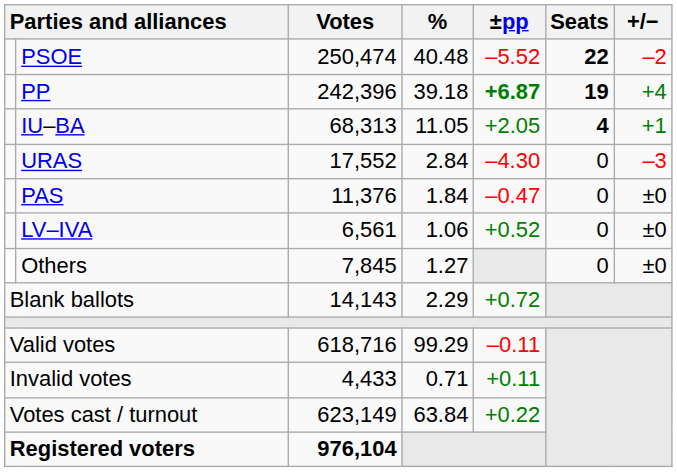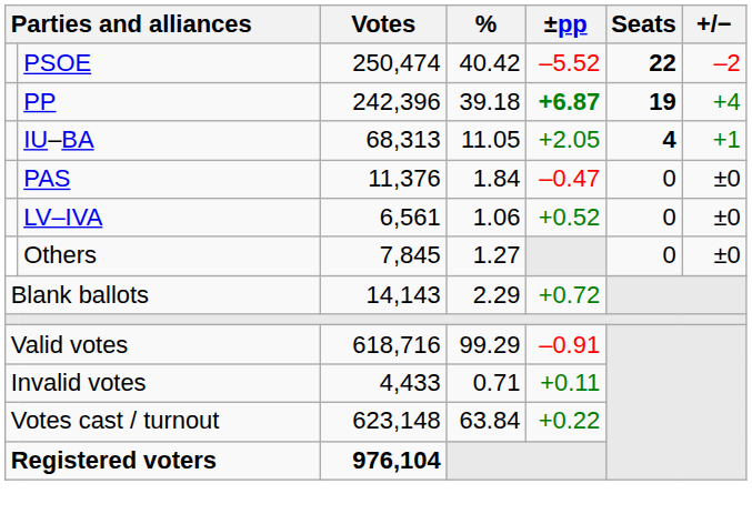 <table class="wikitable" style="text-align:right;">
 <tr>
 <th style="text-align:left;" colspan="2" width="200">Parties and alliances</th>
 <th width="75">Votes</th>
 <th width="45">%</th>
 <th width="45">±<a href='#'>pp</a></th>
 <th width="35">Seats</th>
 <th width="35">+/−</th>
 </tr>
 <tr>
 <td width="1" style="color:inherit;background:"></td>
 <td align="left"><a href='#'>PSOE</a></td>
 <td>250,474</td>
-<td>40.48</td>
+<td>40.42</td>
 <td style="color:red;">–5.52</td>
 <td><strong>22</strong></td>
 <td style="color:red;">–2</td>
 </tr>
 <tr>
 <td style="color:inherit;background:"></td>
 <td align="left"><a href='#'>PP</a></td>
 <td>242,396</td>
 <td>39.18</td>
 <td style="color:green;"><strong>+6.87</strong></td>
 <td><strong>19</strong></td>
 <td style="color:green;">+4</td>
 </tr>
 <tr>
 <td style="color:inherit;background:"></td>
 <td align="left"><a href='#'>IU</a>–<a href='#'>BA</a></td>
 <td>68,313</td>
 <td>11.05</td>
 <td style="color:green;">+2.05</td>
 <td><strong>4</strong></td>
 <td style="color:green;">+1</td>
-</tr>
-<tr>
-<td style="color:inherit;background:"></td>
-<td align="left"><a href='#'>URAS</a></td>
-<td>17,552</td>
-<td>2.84</td>
-<td style="color:red;">–4.30</td>
-<td>0</td>
-<td style="color:red;">–3</td>
 </tr>
 <tr>
 <td style="color:inherit;background:"></td>
 <td align="left"><a href='#'>PAS</a></td>
 <td>11,376</td>
 <td>1.84</td>
 <td style="color:red;">–0.47</td>
 <td>0</td>
 <td>±0</td>
 </tr>
 <tr>
 <td style="color:inherit;background:"></td>
 <td align="left"><a href='#'>LV–IVA</a></td>
 <td>6,561</td>
 <td>1.06</td>
 <td style="color:green;">+0.52</td>
 <td>0</td>
 <td>±0</td>
 </tr>
 <tr>
 <td bgcolor="white"></td>
 <td align="left">Others</td>
 <td>7,845</td>
 <td>1.27</td>
 <td bgcolor="#E9E9E9"></td>
 <td>0</td>
 <td>±0</td>
 </tr>
 <tr>
 <td align="left" colspan="2">Blank ballots</td>
 <td>14,143</td>
 <td>2.29</td>
 <td style="color:green;">+0.72</td>
 <td bgcolor="#E9E9E9" colspan="2"></td>
 </tr>
 <tr>
 <td colspan="7" bgcolor="#E9E9E9"></td>
 </tr>
 <tr>
 <td align="left" colspan="2">Valid votes</td>
 <td>618,716</td>
 <td>99.29</td>
-<td style="color:red;">–0.11</td>
+<td style="color:red;">–0.91</td>
 <td bgcolor="#E9E9E9" colspan="2" rowspan="4"></td>
 </tr>
 <tr>
 <td align="left" colspan="2">Invalid votes</td>
 <td>4,433</td>
 <td>0.71</td>
 <td style="color:green;">+0.11</td>
 </tr>
 <tr>
 <td align="left" colspan="2">Votes cast / turnout</td>
-<td>623,149</td>
+<td>623,148</td>
 <td>63.84</td>
 <td style="color:green;">+0.22</td>
 </tr>
 <tr style="font-weight:bold;">
 <td align="left" colspan="2">Registered voters</td>
 <td>976,104</td>
 <td bgcolor="#E9E9E9" colspan="2"></td>
 </tr>
 </table>
